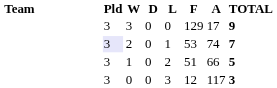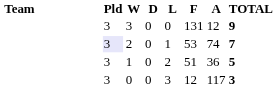 <table>
 <tr>
 <td><br></td>
 </tr>
 <tr border=1 cellpadding=5 cellspacing=0>
 <th width="200">Team</th>
 <th width="20">Pld</th>
 <th width="20">W</th>
 <th width="20">D</th>
 <th width="20">L</th>
 <th width="20">F</th>
 <th width="20">A</th>
 <th width="20">TOTAL</th>
 </tr>
 <tr>
 <td align=left></td>
 <td>3</td>
 <td>3</td>
 <td>0</td>
 <td>0</td>
-<td>129</td>
-<td>17</td>
+<td>131</td>
+<td>12</td>
 <td><strong>9</strong></td>
 </tr>
 <tr>
 <td align=left></td>
 <td style="background: lavender;">3</td>
 <td>2</td>
 <td>0</td>
 <td>1</td>
 <td>53</td>
 <td>74</td>
 <td><strong>7</strong></td>
 </tr>
 <tr>
 <td align=left></td>
 <td>3</td>
 <td>1</td>
 <td>0</td>
 <td>2</td>
 <td>51</td>
-<td>66</td>
+<td>36</td>
 <td><strong>5</strong></td>
 </tr>
 <tr>
 <td align=left></td>
 <td>3</td>
 <td>0</td>
 <td>0</td>
 <td>3</td>
 <td>12</td>
 <td>117</td>
 <td><strong>3</strong></td>
 </tr>
 </table>
